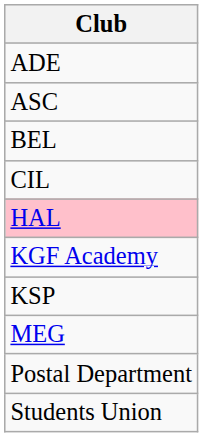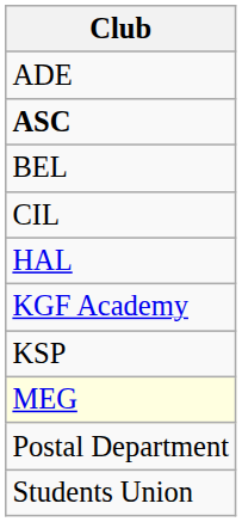 <table class="wikitable" style="text-align:center;">
 <tr>
 <th>Club</th>
 </tr>
 <tr>
 <td style="text-align:left;">ADE</td>
 </tr>
 <tr>
-<td style="text-align:left;">ASC</td>
+<td style="text-align:left;"><strong>ASC</strong></td>
 </tr>
 <tr>
 <td style="text-align:left;">BEL</td>
 </tr>
 <tr>
 <td style="text-align:left;">CIL</td>
 </tr>
 <tr>
-<td style="background: pink; text-align:left;"><a href='#'>HAL</a></td>
+<td style="text-align:left;"><a href='#'>HAL</a></td>
 </tr>
 <tr>
 <td style="text-align:left;"><a href='#'>KGF Academy</a></td>
 </tr>
 <tr>
 <td style="text-align:left;">KSP</td>
 </tr>
 <tr>
-<td style="text-align:left;"><a href='#'>MEG</a></td>
+<td style="background: lightyellow; text-align:left;"><a href='#'>MEG</a></td>
 </tr>
 <tr>
 <td style="text-align:left;">Postal Department</td>
 </tr>
 <tr>
 <td style="text-align:left;">Students Union</td>
 </tr>
 </table>
